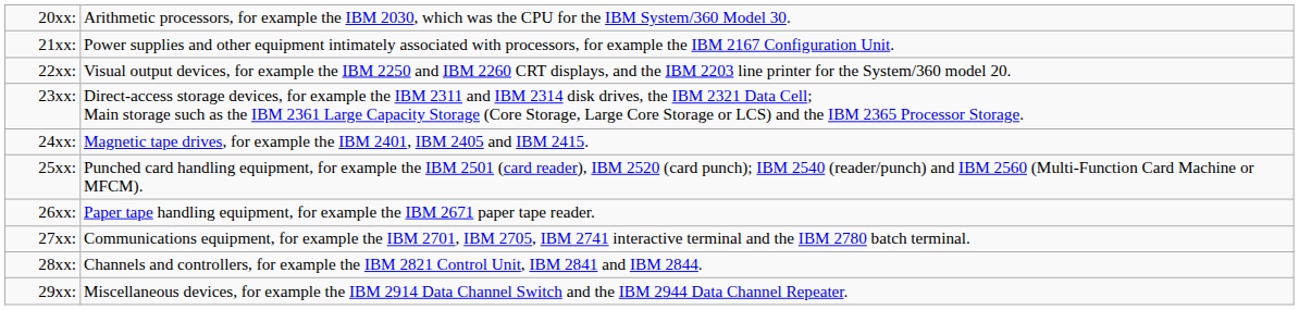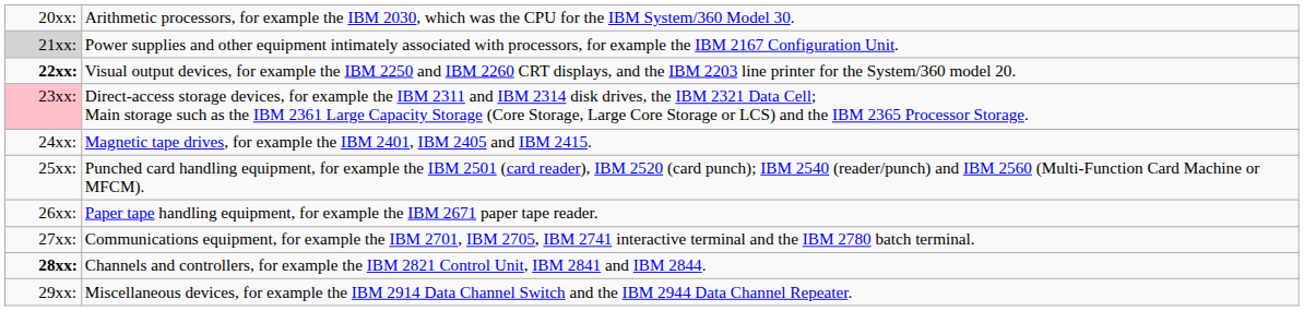 <table class="wikitable sortable mw-collapsible">
 <tr style="vertical-align:top;" scope="row">
 <td style="padding-left: 2em">20xx:</td>
 <td>Arithmetic processors, for example the <a href='#'>IBM 2030</a>, which was the CPU for the <a href='#'>IBM System/360 Model 30</a>.</td>
 </tr>
 <tr style="vertical-align:top;" scope="row">
-<td style="padding-left: 2em">21xx:</td>
+<td style="background: lightgrey; padding-left: 2em">21xx:</td>
 <td>Power supplies and other equipment intimately associated with processors, for example the <a href='#'>IBM 2167 Configuration Unit</a>.</td>
 </tr>
 <tr style="vertical-align:top;" scope="row">
-<td style="padding-left: 2em">22xx:</td>
+<td style="padding-left: 2em"><strong>22xx:</strong></td>
 <td>Visual output devices, for example the <a href='#'>IBM 2250</a> and <a href='#'>IBM 2260</a> CRT displays, and the <a href='#'>IBM 2203</a> line printer for the System/360 model 20.</td>
 </tr>
 <tr style="vertical-align:top;" scope="row">
-<td style="padding-left: 2em">23xx:</td>
+<td style="background: pink; padding-left: 2em">23xx:</td>
 <td>Direct-access storage devices, for example the <a href='#'>IBM 2311</a> and <a href='#'>IBM 2314</a> disk drives, the <a href='#'>IBM 2321 Data Cell</a>;<br>Main storage such as the <a href='#'>IBM 2361 Large Capacity Storage</a> (Core Storage, Large Core Storage or LCS) and the <a href='#'>IBM 2365 Processor Storage</a>.</td>
 </tr>
 <tr style="vertical-align:top;" scope="row">
 <td style="padding-left: 2em">24xx:</td>
 <td><a href='#'>Magnetic tape drives</a>, for example the <a href='#'>IBM 2401</a>, <a href='#'>IBM 2405</a> and <a href='#'>IBM 2415</a>.</td>
 </tr>
 <tr style="vertical-align:top;" scope="row">
 <td style="padding-left: 2em">25xx:</td>
 <td>Punched card handling equipment, for example the <a href='#'>IBM 2501</a> (<a href='#'>card reader</a>), <a href='#'>IBM 2520</a> (card punch); <a href='#'>IBM 2540</a> (reader/punch) and <a href='#'>IBM 2560</a> (Multi-Function Card Machine or MFCM).</td>
 </tr>
 <tr style="vertical-align:top;" scope="row">
 <td style="padding-left: 2em">26xx:</td>
 <td><a href='#'>Paper tape</a> handling equipment, for example the <a href='#'>IBM 2671</a> paper tape reader.</td>
 </tr>
 <tr style="vertical-align:top;" scope="row">
 <td style="padding-left: 2em">27xx:</td>
 <td>Communications equipment, for example the <a href='#'>IBM 2701</a>, <a href='#'>IBM 2705</a>, <a href='#'>IBM 2741</a> interactive terminal and the <a href='#'>IBM 2780</a> batch terminal.</td>
 </tr>
 <tr style="vertical-align:top;" scope="row">
-<td style="padding-left: 2em">28xx:</td>
+<td style="padding-left: 2em"><strong>28xx:</strong></td>
 <td>Channels and controllers, for example the <a href='#'>IBM 2821 Control Unit</a>, <a href='#'>IBM 2841</a> and <a href='#'>IBM 2844</a>.</td>
 </tr>
 <tr style="vertical-align:top;" scope="row">
 <td style="padding-left: 2em">29xx:</td>
 <td>Miscellaneous devices, for example the <a href='#'>IBM 2914 Data Channel Switch</a> and the <a href='#'>IBM 2944 Data Channel Repeater</a>.</td>
 </tr>
 </table>
